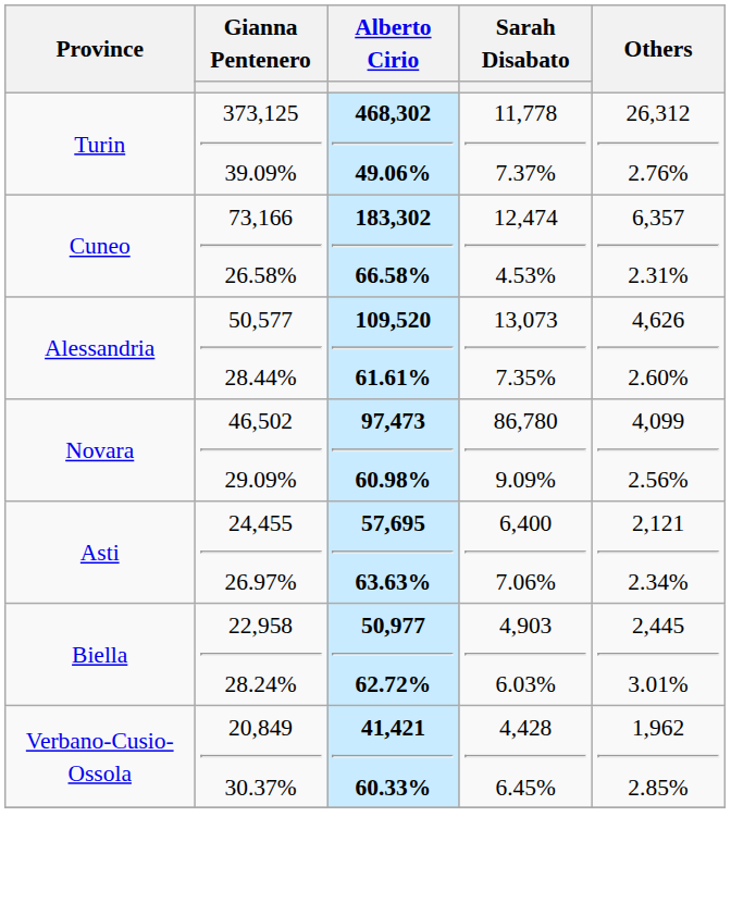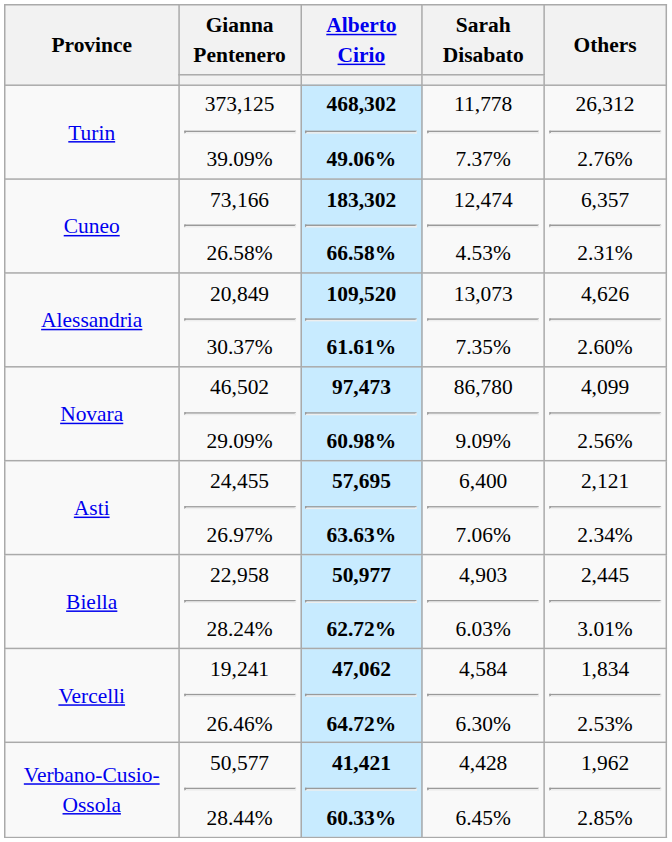 <table class="wikitable" style="text-align:center;font-size:90%;line-height:20px">
 <tr style="height:30px; background-color:#E9E9E9">
 <th style="width:110px;" rowspan="2">Province</th>
 <th style="width:75px;">Gianna Pentenero</th>
 <th style="width:75px;"><a href='#'>Alberto Cirio</a></th>
 <th style="width:75px;">Sarah Disabato</th>
 <th rowspan="2" style="width:75px;">Others</th>
 </tr>
 <tr>
 <th style="background:"></th>
 <th style="background:"></th>
 <th style="background:"></th>
 </tr>
 <tr>
 <td><a href='#'>Turin</a></td>
 <td>373,125 <hr>39.09%</td>
 <td style="background:#C8EBFF"><strong>468,302 <hr>49.06%</strong></td>
 <td>11,778 <hr>7.37%</td>
 <td>26,312 <hr>2.76%</td>
 </tr>
 <tr>
 <td><a href='#'>Cuneo</a></td>
 <td>73,166 <hr>26.58%</td>
 <td style="background:#C8EBFF"><strong>183,302 <hr>66.58%</strong></td>
 <td>12,474 <hr>4.53%</td>
 <td>6,357 <hr>2.31%</td>
 </tr>
 <tr>
 <td><a href='#'>Alessandria</a></td>
-<td>50,577 <hr>28.44%</td>
+<td>20,849 <hr>30.37%</td>
 <td style="background:#C8EBFF"><strong>109,520 <hr>61.61%</strong></td>
 <td>13,073 <hr>7.35%</td>
 <td>4,626 <hr>2.60%</td>
 </tr>
 <tr>
 <td><a href='#'>Novara</a></td>
 <td>46,502 <hr>29.09%</td>
 <td style="background:#C8EBFF"><strong>97,473 <hr>60.98%</strong></td>
 <td>86,780 <hr>9.09%</td>
 <td>4,099 <hr>2.56%</td>
 </tr>
 <tr>
 <td><a href='#'>Asti</a></td>
 <td>24,455 <hr>26.97%</td>
 <td style="background:#C8EBFF"><strong>57,695 <hr>63.63%</strong></td>
 <td>6,400 <hr>7.06%</td>
 <td>2,121 <hr>2.34%</td>
 </tr>
 <tr>
 <td><a href='#'>Biella</a></td>
 <td>22,958 <hr>28.24%</td>
 <td style="background:#C8EBFF"><strong>50,977 <hr>62.72%</strong></td>
 <td>4,903 <hr>6.03%</td>
 <td>2,445 <hr>3.01%</td>
 </tr>
 <tr>
+<td><a href='#'>Vercelli</a></td>
+<td>19,241 <hr>26.46%</td>
+<td style="background:#C8EBFF"><strong>47,062 <hr>64.72%</strong></td>
+<td>4,584 <hr>6.30%</td>
+<td>1,834 <hr>2.53%</td>
+</tr>
+<tr>
 <td><a href='#'>Verbano-Cusio-Ossola</a></td>
-<td>20,849 <hr>30.37%</td>
+<td>50,577 <hr>28.44%</td>
 <td style="background:#C8EBFF"><strong>41,421 <hr>60.33%</strong></td>
 <td>4,428 <hr>6.45%</td>
 <td>1,962 <hr>2.85%</td>
 </tr>
 <tr>
 </tr>
 </table>
